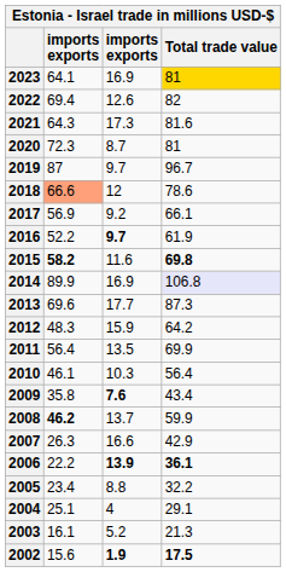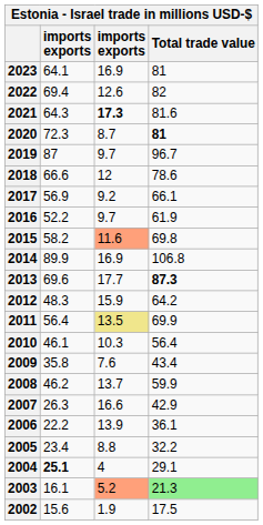 <table class="wikitable">
 <tr>
 <th colspan="4">Estonia - Israel trade in millions USD-$</th>
 </tr>
 <tr>
 <th></th>
 <th> imports<br> exports</th>
 <th> imports<br> exports</th>
 <th>Total trade value</th>
 </tr>
 <tr>
 <th>2023</th>
 <td>64.1</td>
 <td>16.9</td>
-<td style="background: gold;">81</td>
+<td>81</td>
 </tr>
 <tr>
 <th>2022</th>
 <td>69.4</td>
 <td>12.6</td>
 <td>82</td>
 </tr>
 <tr>
 <th>2021</th>
 <td>64.3</td>
-<td>17.3</td>
+<td><strong>17.3</strong></td>
 <td>81.6</td>
 </tr>
 <tr>
 <th>2020</th>
 <td>72.3</td>
 <td>8.7</td>
-<td>81</td>
+<td><strong>81</strong></td>
 </tr>
 <tr>
 <th>2019</th>
 <td>87</td>
 <td>9.7</td>
 <td>96.7</td>
 </tr>
 <tr>
 <th>2018</th>
-<td style="background: lightsalmon;">66.6</td>
+<td>66.6</td>
 <td>12</td>
 <td>78.6</td>
 </tr>
 <tr>
 <th>2017</th>
 <td>56.9</td>
 <td>9.2</td>
 <td>66.1</td>
 </tr>
 <tr>
 <th>2016</th>
 <td>52.2</td>
-<td><strong>9.7</strong></td>
+<td>9.7</td>
 <td>61.9</td>
 </tr>
 <tr>
 <th>2015</th>
-<td><strong>58.2</strong></td>
-<td>11.6</td>
-<td><strong>69.8</strong></td>
+<td>58.2</td>
+<td style="background: lightsalmon;">11.6</td>
+<td>69.8</td>
 </tr>
 <tr>
 <th>2014</th>
 <td>89.9</td>
 <td>16.9</td>
-<td style="background: lavender;">106.8</td>
+<td>106.8</td>
 </tr>
 <tr>
 <th>2013</th>
 <td>69.6</td>
 <td>17.7</td>
-<td>87.3</td>
+<td><strong>87.3</strong></td>
 </tr>
 <tr>
 <th>2012</th>
 <td>48.3</td>
 <td>15.9</td>
 <td>64.2</td>
 </tr>
 <tr>
 <th>2011</th>
 <td>56.4</td>
-<td>13.5</td>
+<td style="background: khaki;">13.5</td>
 <td>69.9</td>
 </tr>
 <tr>
 <th>2010</th>
 <td>46.1</td>
 <td>10.3</td>
 <td>56.4</td>
 </tr>
 <tr>
 <th>2009</th>
 <td>35.8</td>
-<td><strong>7.6</strong></td>
+<td>7.6</td>
 <td>43.4</td>
 </tr>
 <tr>
 <th>2008</th>
-<td><strong>46.2</strong></td>
+<td>46.2</td>
 <td>13.7</td>
 <td>59.9</td>
 </tr>
 <tr>
 <th>2007</th>
 <td>26.3</td>
 <td>16.6</td>
 <td>42.9</td>
 </tr>
 <tr>
 <th>2006</th>
 <td>22.2</td>
-<td><strong>13.9</strong></td>
-<td><strong>36.1</strong></td>
+<td>13.9</td>
+<td>36.1</td>
 </tr>
 <tr>
 <th>2005</th>
 <td>23.4</td>
 <td>8.8</td>
 <td>32.2</td>
 </tr>
 <tr>
 <th>2004</th>
-<td>25.1</td>
+<td><strong>25.1</strong></td>
 <td>4</td>
 <td>29.1</td>
 </tr>
 <tr>
 <th>2003</th>
 <td>16.1</td>
-<td>5.2</td>
-<td>21.3</td>
+<td style="background: lightsalmon;">5.2</td>
+<td style="background: lightgreen;">21.3</td>
 </tr>
 <tr>
 <th>2002</th>
 <td>15.6</td>
-<td><strong>1.9</strong></td>
-<td><strong>17.5</strong></td>
+<td>1.9</td>
+<td>17.5</td>
 </tr>
 </table>
